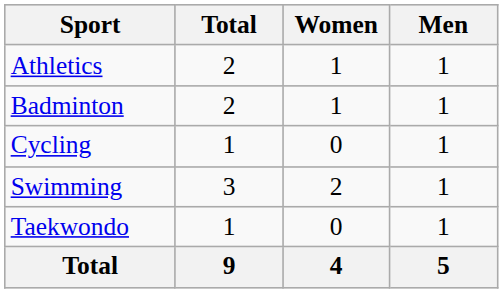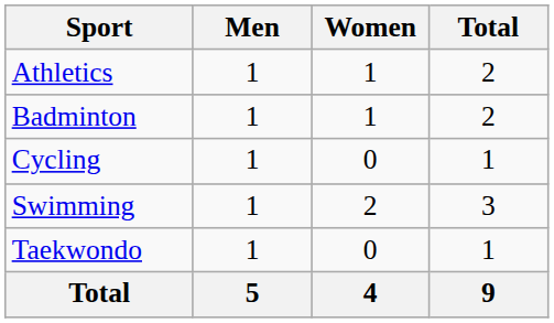 <table class="wikitable sortable" style="text-align:center;">
 <tr>
 <th width=100>Sport</th>
+<th width=60>Men</th>
+<th width=60>Women</th>
 <th width=60>Total</th>
-<th width=60>Women</th>
-<th width=60>Men</th>
 </tr>
 <tr>
 <td align=left><a href='#'>Athletics</a></td>
-<td>2</td>
 <td>1</td>
 <td>1</td>
+<td>2</td>
 </tr>
 <tr>
 <td align=left><a href='#'>Badminton</a></td>
-<td>2</td>
 <td>1</td>
 <td>1</td>
+<td>2</td>
 </tr>
 <tr>
 <td align=left><a href='#'>Cycling</a></td>
 <td>1</td>
 <td>0</td>
 <td>1</td>
 </tr>
 <tr>
 <td align=left><a href='#'>Swimming</a></td>
+<td>1</td>
+<td>2</td>
 <td>3</td>
-<td>2</td>
-<td>1</td>
 </tr>
 <tr>
 <td align=left><a href='#'>Taekwondo</a></td>
 <td>1</td>
 <td>0</td>
 <td>1</td>
 </tr>
 <tr>
 <th>Total</th>
+<th>5</th>
+<th>4</th>
 <th>9</th>
-<th>4</th>
-<th>5</th>
 </tr>
 </table>
